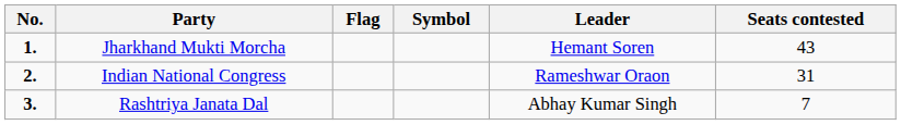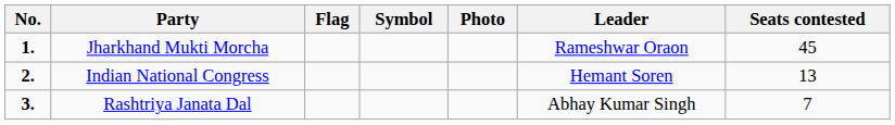 <table class="wikitable" style="width:50%;">
 <tr>
 <th>No.</th>
 <th>Party</th>
 <th>Flag</th>
 <th>Symbol</th>
+<th>Photo</th>
 <th>Leader</th>
 <th>Seats contested</th>
 </tr>
 <tr>
 <td ! style="text-align:center; background:"><strong>1.</strong></td>
 <td ! style="text-align:center"><a href='#'>Jharkhand Mukti Morcha</a></td>
 <td></td>
 <td></td>
-<td style="text-align:center"><a href='#'>Hemant Soren</a></td>
-<td style="text-align:center">43</td>
+<td></td>
+<td style="text-align:center"><a href='#'>Rameshwar Oraon</a></td>
+<td style="text-align:center">45</td>
 </tr>
 <tr>
 <td ! style="text-align:center; background:"><strong>2.</strong></td>
 <td ! style="text-align:center"><a href='#'>Indian National Congress</a></td>
 <td></td>
 <td></td>
-<td style="text-align:center"><a href='#'>Rameshwar Oraon</a></td>
-<td style="text-align:center">31</td>
+<td></td>
+<td style="text-align:center"><a href='#'>Hemant Soren</a></td>
+<td style="text-align:center">13</td>
 </tr>
 <tr>
 <td ! style="text-align:center; background:"><strong>3.</strong></td>
 <td ! style="text-align:center"><a href='#'>Rashtriya Janata Dal</a></td>
 <td></td>
 <td></td>
+<td></td>
 <td style="text-align:center">Abhay Kumar Singh</td>
 <td style="text-align:center">7</td>
 </tr>
 </table>
